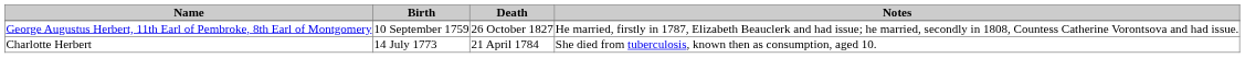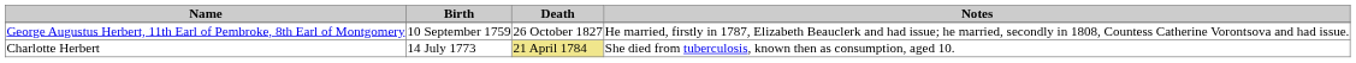 <table border=1 style="border-collapse: collapse;">
 <tr bgcolor=cccccc>
 <th>Name</th>
 <th>Birth</th>
 <th>Death</th>
 <th>Notes</th>
 </tr>
 <tr>
 </tr>
 <tr>
 <td><a href='#'>George Augustus Herbert, 11th Earl of Pembroke, 8th Earl of Montgomery</a></td>
 <td>10 September 1759</td>
 <td>26 October 1827</td>
 <td>He married, firstly in 1787, Elizabeth Beauclerk and had issue; he married, secondly in 1808, Countess Catherine Vorontsova and had issue.</td>
 </tr>
 <tr>
 <td>Charlotte Herbert</td>
 <td>14 July 1773</td>
-<td>21 April 1784</td>
+<td style="background: khaki;">21 April 1784</td>
 <td>She died from <a href='#'>tuberculosis</a>, known then as consumption, aged 10.</td>
 </tr>
 </table>
